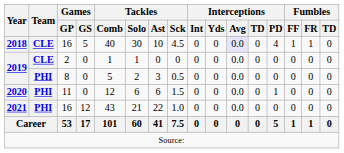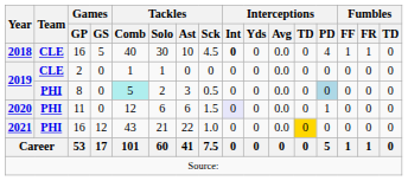 <table class=wikitable style="text-align:center;">
 <tr>
 <th rowspan="2">Year</th>
 <th rowspan="2">Team</th>
 <th colspan="2">Games</th>
 <th colspan="4">Tackles</th>
 <th colspan="5">Interceptions</th>
 <th colspan="3">Fumbles</th>
 </tr>
 <tr>
 <th>GP</th>
 <th>GS</th>
 <th>Comb</th>
 <th>Solo</th>
 <th>Ast</th>
 <th>Sck</th>
 <th>Int</th>
 <th>Yds</th>
 <th>Avg</th>
 <th>TD</th>
 <th>PD</th>
 <th>FF</th>
 <th>FR</th>
 <th>TD</th>
 </tr>
 <tr>
 <th><a href='#'>2018</a></th>
 <th><a href='#'>CLE</a></th>
 <td>16</td>
 <td>5</td>
 <td>40</td>
 <td>30</td>
 <td>10</td>
 <td>4.5</td>
+<td><strong>0</strong></td>
 <td>0</td>
-<td>0</td>
-<td style="background: lavender;">0.0</td>
+<td>0.0</td>
 <td>0</td>
 <td>4</td>
 <td>1</td>
 <td>1</td>
 <td>0</td>
 </tr>
 <tr>
 <th rowspan="2"><a href='#'>2019</a></th>
 <th><a href='#'>CLE</a></th>
 <td>2</td>
 <td>0</td>
 <td>1</td>
 <td>1</td>
 <td>0</td>
 <td>0</td>
 <td>0</td>
 <td>0</td>
 <td>0.0</td>
 <td>0</td>
 <td>0</td>
 <td>0</td>
 <td>0</td>
 <td>0</td>
 </tr>
 <tr>
 <th><a href='#'>PHI</a></th>
 <td>8</td>
 <td>0</td>
-<td>5</td>
+<td style="background: paleturquoise;">5</td>
 <td>2</td>
 <td>3</td>
 <td>0.5</td>
 <td>0</td>
 <td>0</td>
 <td>0.0</td>
 <td>0</td>
-<td>0</td>
+<td style="background: lightblue;">0</td>
 <td>0</td>
 <td>0</td>
 <td>0</td>
 </tr>
 <tr>
 <th><a href='#'>2020</a></th>
 <th><a href='#'>PHI</a></th>
 <td>11</td>
 <td>0</td>
 <td>12</td>
 <td>6</td>
 <td>6</td>
 <td>1.5</td>
-<td>0</td>
+<td style="background: lavender;">0</td>
 <td>0</td>
 <td>0.0</td>
 <td>0</td>
 <td>1</td>
 <td>0</td>
 <td>0</td>
 <td>0</td>
 </tr>
 <tr>
 <th><a href='#'>2021</a></th>
 <th><a href='#'>PHI</a></th>
 <td>16</td>
 <td>12</td>
 <td>43</td>
 <td>21</td>
 <td>22</td>
 <td>1.0</td>
 <td>0</td>
 <td>0</td>
 <td>0.0</td>
-<td>0</td>
+<td style="background: gold;">0</td>
 <td>0</td>
 <td>0</td>
 <td>0</td>
 <td>0</td>
 </tr>
 <tr>
 <th colspan="2">Career</th>
 <th>53</th>
 <th>17</th>
 <th>101</th>
 <th>60</th>
 <th>41</th>
 <th>7.5</th>
 <th>0</th>
 <th>0</th>
 <th>0</th>
 <th>0</th>
 <th>5</th>
 <th>1</th>
 <th>1</th>
 <th>0</th>
 </tr>
 <tr>
 <td colspan="16"><small>Source: </small></td>
 </tr>
 </table>
